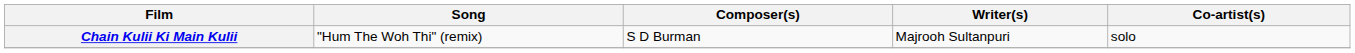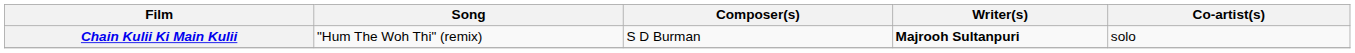 <table class="wikitable plainrowheaders" width="100%" textcolor:#000;">
 <tr style="background:#b0e0e66;">
 <th scope="col" width=23%><strong>Film</strong></th>
 <th scope="col" width=23%><strong>Song</strong></th>
 <th scope="col" width=20%><strong>Composer(s)</strong></th>
 <th scope="col" width=16%><strong>Writer(s)</strong></th>
 <th scope="col" width=18%><strong>Co-artist(s)</strong></th>
 </tr>
 <tr>
 <th><em><a href='#'>Chain Kulii Ki Main Kulii</a></em></th>
 <td>"Hum The Woh Thi" (remix)</td>
 <td>S D Burman</td>
-<td>Majrooh Sultanpuri</td>
+<td><strong>Majrooh Sultanpuri</strong></td>
 <td>solo</td>
 </tr>
 <tr>
 </tr>
 </table>
